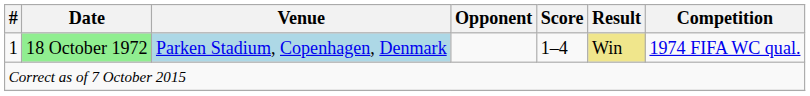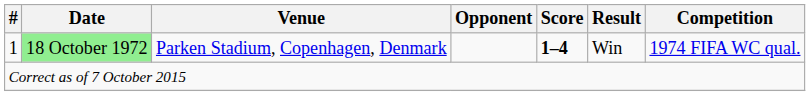 <table class="wikitable">
 <tr>
 <th>#</th>
 <th>Date</th>
 <th>Venue</th>
 <th>Opponent</th>
 <th>Score</th>
 <th>Result</th>
 <th>Competition</th>
 </tr>
 <tr>
 <td>1</td>
 <td style="background: lightgreen;">18 October 1972</td>
-<td style="background: lightblue;"><a href='#'>Parken Stadium</a>, <a href='#'>Copenhagen</a>, <a href='#'>Denmark</a></td>
+<td><a href='#'>Parken Stadium</a>, <a href='#'>Copenhagen</a>, <a href='#'>Denmark</a></td>
 <td></td>
-<td>1–4</td>
-<td style="background: khaki;">Win</td>
+<td><strong>1–4</strong></td>
+<td>Win</td>
 <td><a href='#'>1974 FIFA WC qual.</a></td>
 </tr>
 <tr>
 <td colspan="12"><small><em>Correct as of 7 October 2015</em></small></td>
 </tr>
 <tr>
 </tr>
 </table>
